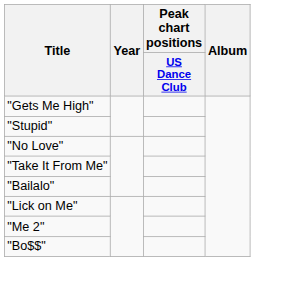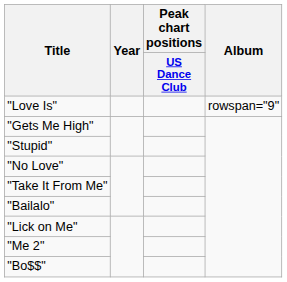 <table class="wikitable">
 <tr>
 <th rowspan="2">Title</th>
 <th rowspan="2">Year</th>
 <th colspan="1">Peak chart positions</th>
 <th rowspan="2">Album</th>
 </tr>
 <tr>
 <th scope="col" style="width:3em;font-size:90%;"><a href='#'>US<br>Dance Club</a><br></th>
+</tr>
+<tr>
+<td scope="row">"Love Is"</td>
+<td></td>
+<td></td>
+<td>rowspan="9" </td>
 </tr>
 <tr>
 <td>"Gets Me High"</td>
 <td rowspan="2"></td>
 <td></td>
 </tr>
 <tr>
 <td>"Stupid"<br></td>
 <td></td>
 </tr>
 <tr>
 <td>"No Love"</td>
 <td rowspan="3"></td>
 <td></td>
 </tr>
 <tr>
 <td>"Take It From Me"</td>
 <td></td>
 </tr>
 <tr>
 <td>"Bailalo"</td>
 <td></td>
 </tr>
 <tr>
 <td>"Lick on Me"</td>
 <td rowspan="3"></td>
 <td></td>
 </tr>
 <tr>
 <td>"Me 2"</td>
 <td></td>
 </tr>
 <tr>
 <td>"Bo$$"</td>
 <td></td>
 </tr>
 </table>
